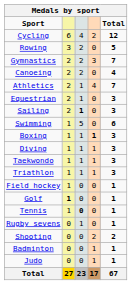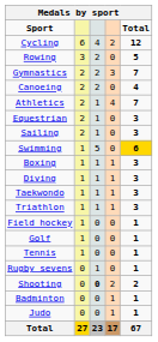 <table class="wikitable" style="font-size:85%; text-align:center;">
 <tr style="background:#efefef;">
 <th colspan=5>Medals by sport</th>
 </tr>
 <tr>
 <td><strong>Sport</strong></td>
 <td style="background:#f7f6a8;"></td>
 <td style="background:#dce5e5;"></td>
 <td style="background:#ffdab9;"></td>
 <td><strong>Total</strong></td>
 </tr>
 <tr>
 <td><a href='#'>Cycling</a></td>
 <td style="background:#F7F6A8;">6</td>
 <td style="background:#DCE5E5;">4</td>
 <td style="background:#FFDAB9;">2</td>
 <td><strong>12</strong></td>
 </tr>
 <tr>
 <td><a href='#'>Rowing</a></td>
 <td style="background:#F7F6A8;">3</td>
 <td style="background:#DCE5E5;">2</td>
 <td style="background:#FFDAB9;">0</td>
 <td><strong>5</strong></td>
 </tr>
 <tr>
 <td><a href='#'>Gymnastics</a></td>
 <td style="background:#F7F6A8;">2</td>
 <td style="background:#DCE5E5;">2</td>
 <td style="background:#FFDAB9;">3</td>
 <td><strong>7</strong></td>
 </tr>
 <tr>
 <td><a href='#'>Canoeing</a></td>
 <td style="background:#F7F6A8;">2</td>
 <td style="background:#DCE5E5;">2</td>
 <td style="background:#FFDAB9;">0</td>
 <td><strong>4</strong></td>
 </tr>
 <tr>
 <td><a href='#'>Athletics</a></td>
 <td style="background:#F7F6A8;">2</td>
 <td style="background:#DCE5E5;">1</td>
 <td style="background:#FFDAB9;">4</td>
 <td><strong>7</strong></td>
 </tr>
 <tr>
 <td><a href='#'>Equestrian</a></td>
 <td style="background:#F7F6A8;">2</td>
 <td style="background:#DCE5E5;">1</td>
 <td style="background:#FFDAB9;">0</td>
 <td><strong>3</strong></td>
 </tr>
 <tr>
 <td><a href='#'>Sailing</a></td>
 <td style="background:#F7F6A8;">2</td>
-<td style="background:#DCE5E5;"><strong>1</strong></td>
+<td style="background:#DCE5E5;">1</td>
 <td style="background:#FFDAB9;">0</td>
 <td><strong>3</strong></td>
 </tr>
 <tr>
 <td><a href='#'>Swimming</a></td>
 <td style="background:#F7F6A8;">1</td>
 <td style="background:#DCE5E5;">5</td>
 <td style="background:#FFDAB9;">0</td>
-<td><strong>6</strong></td>
+<td style="background: gold;"><strong>6</strong></td>
 </tr>
 <tr>
 <td><a href='#'>Boxing</a></td>
 <td style="background:#F7F6A8;">1</td>
 <td style="background:#DCE5E5;">1</td>
-<td style="background:#FFDAB9;"><strong>1</strong></td>
+<td style="background:#FFDAB9;">1</td>
 <td><strong>3</strong></td>
 </tr>
 <tr>
 <td><a href='#'>Diving</a></td>
 <td style="background:#F7F6A8;">1</td>
 <td style="background:#DCE5E5;">1</td>
 <td style="background:#FFDAB9;">1</td>
 <td><strong>3</strong></td>
 </tr>
 <tr>
 <td><a href='#'>Taekwondo</a></td>
 <td style="background:#F7F6A8;">1</td>
 <td style="background:#DCE5E5;">1</td>
 <td style="background:#FFDAB9;">1</td>
 <td><strong>3</strong></td>
 </tr>
 <tr>
 <td><a href='#'>Triathlon</a></td>
 <td style="background:#F7F6A8;">1</td>
 <td style="background:#DCE5E5;">1</td>
 <td style="background:#FFDAB9;">1</td>
 <td><strong>3</strong></td>
 </tr>
 <tr>
 <td><a href='#'>Field hockey</a></td>
 <td style="background:#F7F6A8;">1</td>
 <td style="background:#DCE5E5;">0</td>
 <td style="background:#FFDAB9;">0</td>
 <td><strong>1</strong></td>
 </tr>
 <tr>
 <td><a href='#'>Golf</a></td>
-<td style="background:#F7F6A8;"><strong>1</strong></td>
+<td style="background:#F7F6A8;">1</td>
 <td style="background:#DCE5E5;">0</td>
 <td style="background:#FFDAB9;">0</td>
 <td><strong>1</strong></td>
 </tr>
 <tr>
 <td><a href='#'>Tennis</a></td>
 <td style="background:#F7F6A8;">1</td>
-<td style="background:#DCE5E5;"><strong>0</strong></td>
+<td style="background:#DCE5E5;">0</td>
 <td style="background:#FFDAB9;">0</td>
 <td><strong>1</strong></td>
 </tr>
 <tr>
 <td><a href='#'>Rugby sevens</a></td>
 <td style="background:#F7F6A8;">0</td>
 <td style="background:#DCE5E5;">1</td>
 <td style="background:#FFDAB9;">0</td>
 <td><strong>1</strong></td>
 </tr>
 <tr>
 <td><a href='#'>Shooting</a></td>
 <td style="background:#F7F6A8;">0</td>
-<td style="background:#DCE5E5;">0</td>
+<td style="background:#DCE5E5;"><strong>0</strong></td>
 <td style="background:#FFDAB9;">2</td>
 <td><strong>2</strong></td>
 </tr>
 <tr>
 <td><a href='#'>Badminton</a></td>
 <td style="background:#F7F6A8;">0</td>
 <td style="background:#DCE5E5;">0</td>
 <td style="background:#FFDAB9;">1</td>
 <td><strong>1</strong></td>
 </tr>
 <tr>
 <td><a href='#'>Judo</a></td>
 <td style="background:#F7F6A8;">0</td>
 <td style="background:#DCE5E5;">0</td>
 <td style="background:#FFDAB9;">1</td>
 <td><strong>1</strong></td>
 </tr>
 <tr>
 <th>Total</th>
 <th style="background:gold;">27</th>
 <th style="background:silver;">23</th>
 <th style="background:#c96;">17</th>
 <th>67</th>
 </tr>
 </table>
